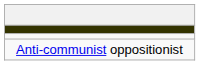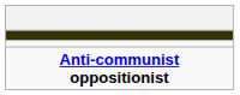 <table class="wikitable" style="font-size:90%; text-align:center;">
 <tr>
 <td style="background:#f1f1f1;" colspan="30"><br></td>
 </tr>
 <tr>
 <th style="width:3em; font-size:135%; background:#333300 ; width:200px;"><a href='#'></a></th>
 </tr>
 <tr>
 <td style="text-align:center"></td>
 </tr>
 <tr>
-<td><a href='#'>Anti-communist</a> oppositionist</td>
+<td><strong><a href='#'>Anti-communist</a> oppositionist</strong></td>
 </tr>
 </table>
